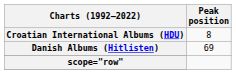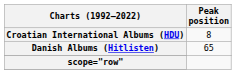 <table class="wikitable plainrowheaders" style="text-align:center">
 <tr>
 <th>Charts (1992—2022)</th>
 <th>Peak<br>position</th>
 </tr>
 <tr>
 <th scope="row">Croatian International Albums (<a href='#'>HDU</a>)</th>
 <td>8</td>
 </tr>
 <tr>
 <th scope="row">Danish Albums (<a href='#'>Hitlisten</a>)</th>
-<td>69</td>
+<td>65</td>
 </tr>
 <tr>
 </tr>
 <tr>
 <th>scope="row"</th>
 </tr>
 <tr>
 </tr>
 <tr>
 </tr>
 <tr>
 </tr>
 </table>
